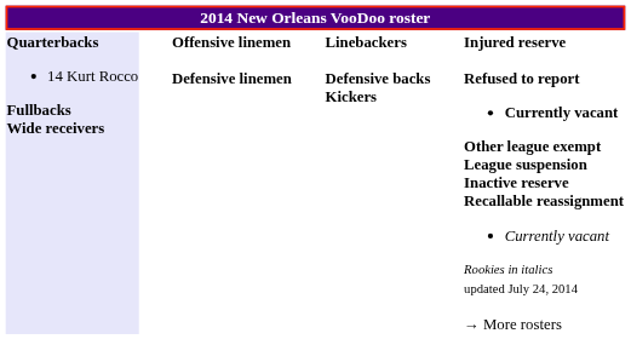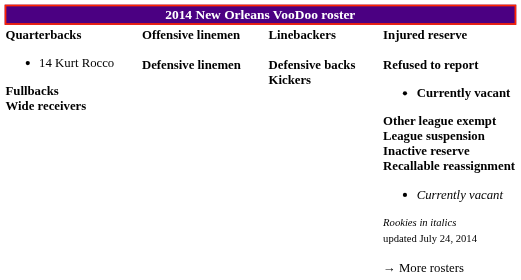 <table class="toccolours" style="text-align: left;">
 <tr>
 <th colspan=7 style="background:#4B0082; border: 2px solid #FF2400; color:white; text-align:center;"><strong>2014 New Orleans VooDoo roster</strong></th>
 </tr>
 <tr>
-<td style="background: lavender; font-size: 95%;" valign="top"><strong>Quarterbacks</strong><br> <ul><li>14 Kurt Rocco</li></ul><strong>Fullbacks</strong> <br><strong>Wide receivers</strong>     </td>
+<td style="font-size: 95%;" valign="top"><strong>Quarterbacks</strong><br> <ul><li>14 Kurt Rocco</li></ul><strong>Fullbacks</strong> <br><strong>Wide receivers</strong>     </td>
 <td style="width: 25px;"></td>
 <td style="font-size: 95%;" valign="top"><strong>Offensive linemen</strong><br>    <br><strong>Defensive linemen</strong>   </td>
 <td style="width: 25px;"></td>
 <td style="font-size: 95%;" valign="top"><strong>Linebackers</strong><br> <br><strong>Defensive backs</strong>    <br><strong>Kickers</strong> </td>
 <td style="width: 25px;"></td>
 <td style="font-size: 95%;" valign="top"><strong>Injured reserve</strong><br>         <br><strong>Refused to report</strong><ul><li><strong>Currently vacant</strong></li></ul><strong>Other league exempt</strong> <br><strong>League suspension</strong>   <br><strong>Inactive reserve</strong>  <br><strong>Recallable reassignment</strong><ul><li><em>Currently vacant</em></li></ul><small><em>Rookies in italics</em><br><span></span> updated July 24, 2014</small><br> <br>→ More rosters</td>
 </tr>
 <tr>
 </tr>
 </table>
